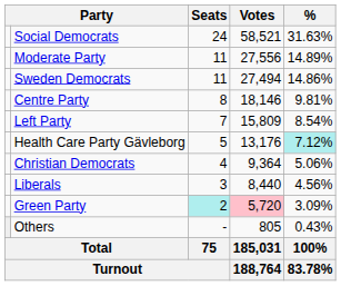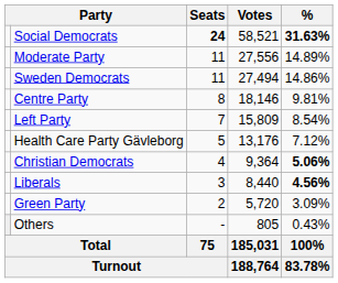 <table class="wikitable" style="text-align:right">
 <tr>
 <th colspan=2>Party</th>
 <th>Seats</th>
 <th>Votes</th>
 <th>%</th>
 </tr>
 <tr>
 <td bgcolor=></td>
 <td align=left><a href='#'>Social Democrats</a></td>
-<td>24</td>
+<td><strong>24</strong></td>
 <td>58,521</td>
-<td>31.63%</td>
+<td><strong>31.63%</strong></td>
 </tr>
 <tr>
 <td bgcolor=></td>
 <td align=left><a href='#'>Moderate Party</a></td>
 <td>11</td>
 <td>27,556</td>
 <td>14.89%</td>
 </tr>
 <tr>
 <td bgcolor=></td>
 <td align=left><a href='#'>Sweden Democrats</a></td>
 <td>11</td>
 <td>27,494</td>
 <td>14.86%</td>
 </tr>
 <tr>
 <td bgcolor=></td>
 <td align=left><a href='#'>Centre Party</a></td>
 <td>8</td>
 <td>18,146</td>
 <td>9.81%</td>
 </tr>
 <tr>
 <td bgcolor=></td>
 <td align=left><a href='#'>Left Party</a></td>
 <td>7</td>
 <td>15,809</td>
 <td>8.54%</td>
 </tr>
 <tr>
 <td></td>
 <td align=left>Health Care Party Gävleborg</td>
 <td>5</td>
 <td>13,176</td>
-<td style="background: paleturquoise;">7.12%</td>
+<td>7.12%</td>
 </tr>
 <tr>
 <td bgcolor=></td>
 <td align=left><a href='#'>Christian Democrats</a></td>
 <td>4</td>
 <td>9,364</td>
-<td>5.06%</td>
+<td><strong>5.06%</strong></td>
 </tr>
 <tr>
 <td bgcolor=></td>
 <td align=left><a href='#'>Liberals</a></td>
 <td>3</td>
 <td>8,440</td>
-<td>4.56%</td>
+<td><strong>4.56%</strong></td>
 </tr>
 <tr>
 <td bgcolor=></td>
 <td align=left><a href='#'>Green Party</a></td>
-<td style="background: paleturquoise;">2</td>
-<td style="background: pink;">5,720</td>
+<td>2</td>
+<td>5,720</td>
 <td>3.09%</td>
 </tr>
 <tr>
 <td bgcolor=#eeeeee></td>
 <td align=left>Others</td>
 <td align=right>-</td>
 <td>805</td>
 <td>0.43%</td>
 </tr>
 <tr>
 <th colspan=2>Total</th>
 <th>75</th>
 <th>185,031</th>
 <th>100%</th>
 </tr>
 <tr>
 <th colspan=3>Turnout</th>
 <th>188,764</th>
 <th>83.78%</th>
 </tr>
 </table>
